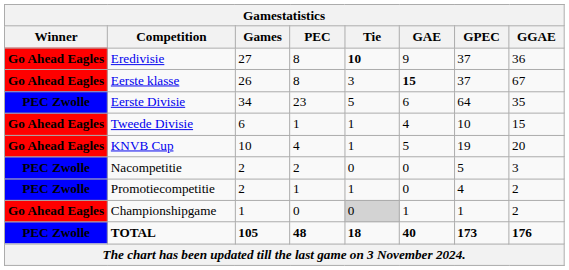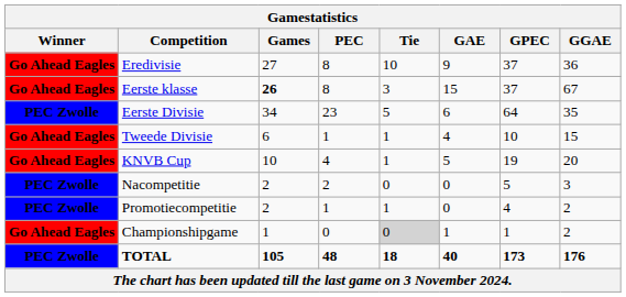 <table class="wikitable sortable" style="font-size:85%;">
 <tr>
 <th colspan="8">Gamestatistics</th>
 </tr>
 <tr>
 <th width="100">Winner</th>
 <th width="125">Competition</th>
 <th width="50">Games</th>
 <th width="50">PEC</th>
 <th width="50">Tie</th>
 <th width="50">GAE</th>
 <th width="50">GPEC</th>
 <th width="50">GGAE</th>
 </tr>
 <tr>
 <td bgcolor="FF0000" align="center"><strong>Go Ahead Eagles</strong></td>
 <td><a href='#'>Eredivisie</a></td>
 <td>27</td>
 <td>8</td>
-<td><strong>10</strong></td>
+<td>10</td>
 <td>9</td>
 <td>37</td>
 <td>36</td>
 </tr>
 <tr>
 <td bgcolor="FF0000" align="center"><strong>Go Ahead Eagles</strong></td>
 <td><a href='#'>Eerste klasse</a></td>
-<td>26</td>
+<td><strong>26</strong></td>
 <td>8</td>
 <td>3</td>
-<td><strong>15</strong></td>
+<td>15</td>
 <td>37</td>
 <td>67</td>
 </tr>
 <tr>
 <td bgcolor="0000FF" align="center"><strong>PEC Zwolle</strong></td>
 <td><a href='#'>Eerste Divisie</a></td>
 <td>34</td>
 <td>23</td>
 <td>5</td>
 <td>6</td>
 <td>64</td>
 <td>35</td>
 </tr>
 <tr>
 <td bgcolor="FF0000" align="center"><strong>Go Ahead Eagles</strong></td>
 <td><a href='#'>Tweede Divisie</a></td>
 <td>6</td>
 <td>1</td>
 <td>1</td>
 <td>4</td>
 <td>10</td>
 <td>15</td>
 </tr>
 <tr>
 <td bgcolor="FF0000" align="center"><strong>Go Ahead Eagles</strong></td>
 <td><a href='#'>KNVB Cup</a></td>
 <td>10</td>
 <td>4</td>
 <td>1</td>
 <td>5</td>
 <td>19</td>
 <td>20</td>
 </tr>
 <tr>
 <td bgcolor="0000FF" align="center"><strong>PEC Zwolle</strong></td>
 <td>Nacompetitie</td>
 <td>2</td>
 <td>2</td>
 <td>0</td>
 <td>0</td>
 <td>5</td>
 <td>3</td>
 </tr>
 <tr>
 <td bgcolor="0000FF" align="center"><strong>PEC Zwolle</strong></td>
 <td>Promotiecompetitie</td>
 <td>2</td>
 <td>1</td>
 <td>1</td>
 <td>0</td>
 <td>4</td>
 <td>2</td>
 </tr>
 <tr>
 <td bgcolor="FF0000" align="center"><strong>Go Ahead Eagles</strong></td>
 <td>Championshipgame</td>
 <td>1</td>
 <td>0</td>
 <td style="background: lightgrey;">0</td>
 <td>1</td>
 <td>1</td>
 <td>2</td>
 </tr>
 <tr>
 <td bgcolor="0000FF" align="center"><strong>PEC Zwolle</strong></td>
 <td><strong>TOTAL</strong></td>
 <td><strong>105</strong></td>
 <td><strong>48</strong></td>
 <td><strong>18</strong></td>
 <td><strong>40</strong></td>
 <td><strong>173</strong></td>
 <td><strong>176</strong></td>
 </tr>
 <tr>
 <th colspan="8"><em>The chart has been updated till the last game on 3 November 2024.</em></th>
 </tr>
 </table>
